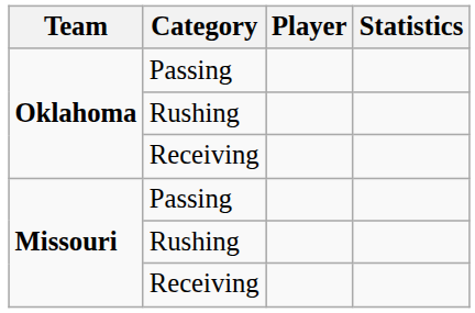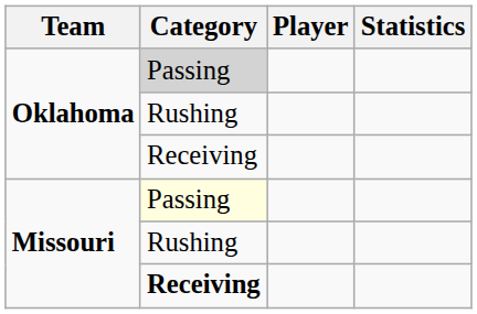 <table class="wikitable" style="float: right;">
 <tr>
 <th>Team</th>
 <th>Category</th>
 <th>Player</th>
 <th>Statistics</th>
 </tr>
 <tr>
 <td rowspan=3><strong>Oklahoma</strong></td>
-<td>Passing</td>
+<td style="background: lightgrey;">Passing</td>
 <td></td>
 <td></td>
 </tr>
 <tr>
 <td>Rushing</td>
 <td></td>
 <td></td>
 </tr>
 <tr>
 <td>Receiving</td>
 <td></td>
 <td></td>
 </tr>
 <tr>
 <td rowspan=3><strong>Missouri</strong></td>
-<td>Passing</td>
+<td style="background: lightyellow;">Passing</td>
 <td></td>
 <td></td>
 </tr>
 <tr>
 <td>Rushing</td>
 <td></td>
 <td></td>
 </tr>
 <tr>
-<td>Receiving</td>
+<td><strong>Receiving</strong></td>
 <td></td>
 <td></td>
 </tr>
 </table>
